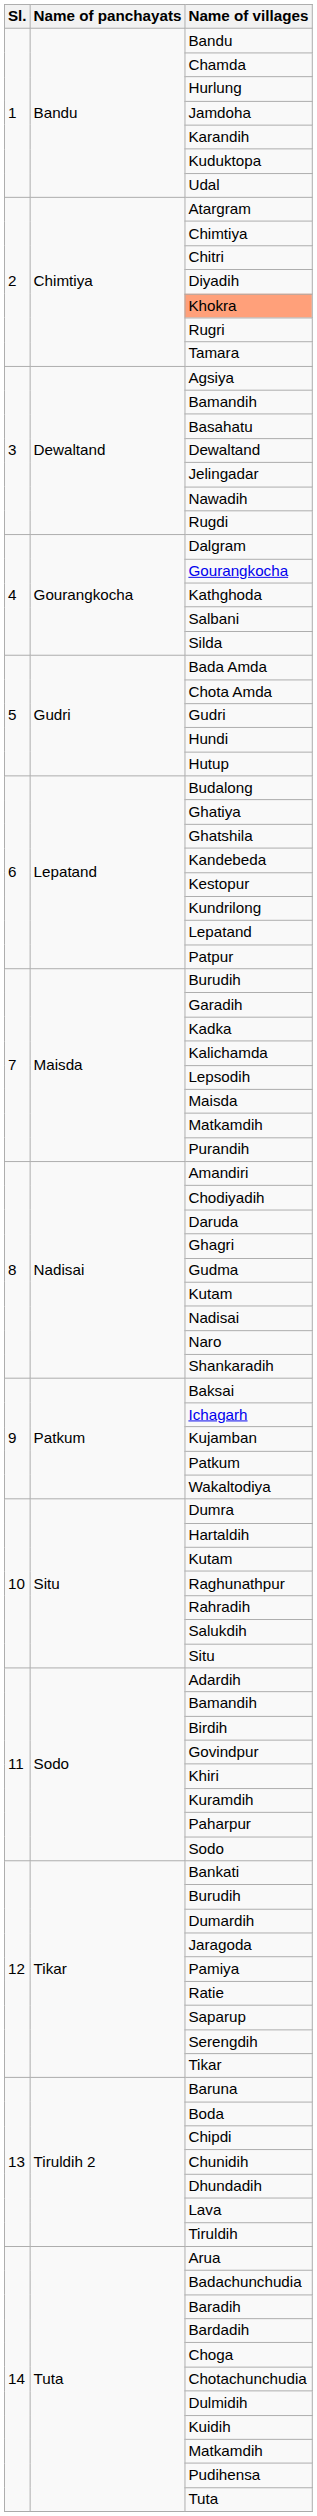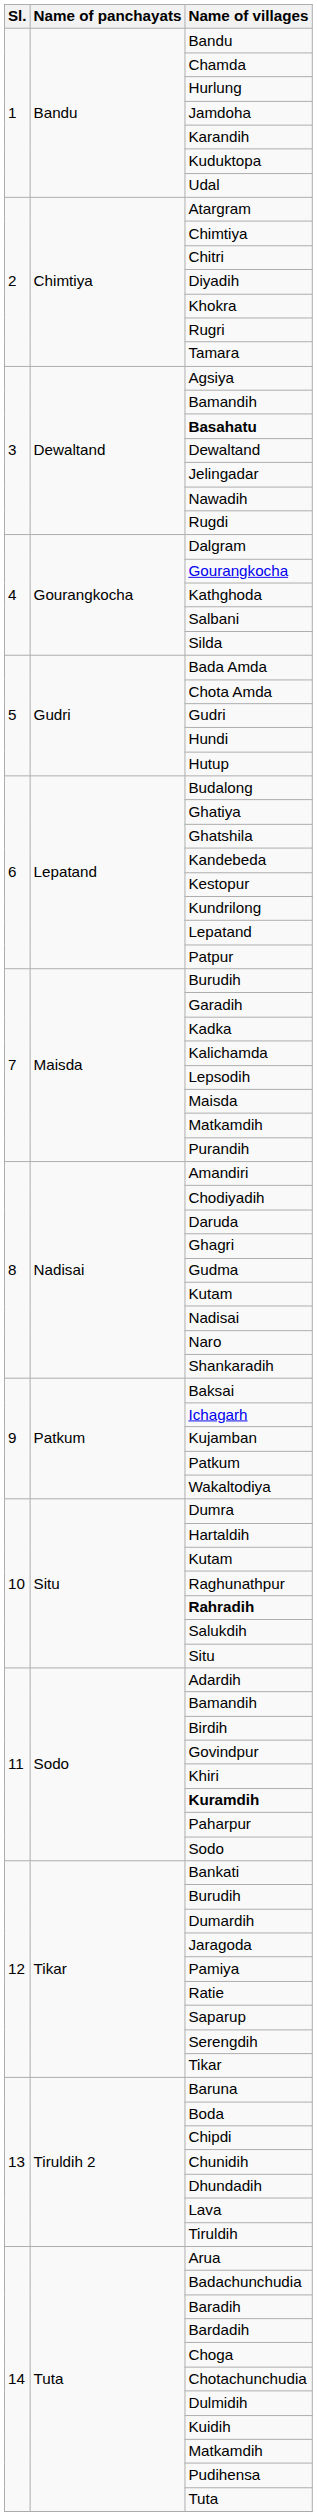 <table class="wikitable plainrowheaders sortable">
 <tr>
 <th scope="col">Sl.</th>
 <th scope="col">Name of panchayats</th>
 <th scope="col">Name of villages</th>
 </tr>
 <tr>
 <td rowspan="7">1</td>
 <td rowspan="7">Bandu</td>
 <td>Bandu</td>
 </tr>
 <tr>
 <td>Chamda</td>
 </tr>
 <tr>
 <td>Hurlung</td>
 </tr>
 <tr>
 <td>Jamdoha</td>
 </tr>
 <tr>
 <td>Karandih</td>
 </tr>
 <tr>
 <td>Kuduktopa</td>
 </tr>
 <tr>
 <td>Udal</td>
 </tr>
 <tr>
 <td rowspan="7">2</td>
 <td rowspan="7">Chimtiya</td>
 <td>Atargram</td>
 </tr>
 <tr>
 <td>Chimtiya</td>
 </tr>
 <tr>
 <td>Chitri</td>
 </tr>
 <tr>
 <td>Diyadih</td>
 </tr>
 <tr>
-<td style="background: lightsalmon;">Khokra</td>
+<td>Khokra</td>
 </tr>
 <tr>
 <td>Rugri</td>
 </tr>
 <tr>
 <td>Tamara</td>
 </tr>
 <tr>
 <td rowspan="7">3</td>
 <td rowspan="7">Dewaltand</td>
 <td>Agsiya</td>
 </tr>
 <tr>
 <td>Bamandih</td>
 </tr>
 <tr>
-<td>Basahatu</td>
+<td><strong>Basahatu</strong></td>
 </tr>
 <tr>
 <td>Dewaltand</td>
 </tr>
 <tr>
 <td>Jelingadar</td>
 </tr>
 <tr>
 <td>Nawadih</td>
 </tr>
 <tr>
 <td>Rugdi</td>
 </tr>
 <tr>
 <td rowspan="5">4</td>
 <td rowspan="5">Gourangkocha</td>
 <td>Dalgram</td>
 </tr>
 <tr>
 <td><a href='#'>Gourangkocha</a></td>
 </tr>
 <tr>
 <td>Kathghoda</td>
 </tr>
 <tr>
 <td>Salbani</td>
 </tr>
 <tr>
 <td>Silda</td>
 </tr>
 <tr>
 <td rowspan="5">5</td>
 <td rowspan="5">Gudri</td>
 <td>Bada Amda</td>
 </tr>
 <tr>
 <td>Chota Amda</td>
 </tr>
 <tr>
 <td>Gudri</td>
 </tr>
 <tr>
 <td>Hundi</td>
 </tr>
 <tr>
 <td>Hutup</td>
 </tr>
 <tr>
 <td rowspan="8">6</td>
 <td rowspan="8">Lepatand</td>
 <td>Budalong</td>
 </tr>
 <tr>
 <td>Ghatiya</td>
 </tr>
 <tr>
 <td>Ghatshila</td>
 </tr>
 <tr>
 <td>Kandebeda</td>
 </tr>
 <tr>
 <td>Kestopur</td>
 </tr>
 <tr>
 <td>Kundrilong</td>
 </tr>
 <tr>
 <td>Lepatand</td>
 </tr>
 <tr>
 <td>Patpur</td>
 </tr>
 <tr>
 <td rowspan="8">7</td>
 <td rowspan="8">Maisda</td>
 <td>Burudih</td>
 </tr>
 <tr>
 <td>Garadih</td>
 </tr>
 <tr>
 <td>Kadka</td>
 </tr>
 <tr>
 <td>Kalichamda</td>
 </tr>
 <tr>
 <td>Lepsodih</td>
 </tr>
 <tr>
 <td>Maisda</td>
 </tr>
 <tr>
 <td>Matkamdih</td>
 </tr>
 <tr>
 <td>Purandih</td>
 </tr>
 <tr>
 <td rowspan="9">8</td>
 <td rowspan="9">Nadisai</td>
 <td>Amandiri</td>
 </tr>
 <tr>
 <td>Chodiyadih</td>
 </tr>
 <tr>
 <td>Daruda</td>
 </tr>
 <tr>
 <td>Ghagri</td>
 </tr>
 <tr>
 <td>Gudma</td>
 </tr>
 <tr>
 <td>Kutam</td>
 </tr>
 <tr>
 <td>Nadisai</td>
 </tr>
 <tr>
 <td>Naro</td>
 </tr>
 <tr>
 <td>Shankaradih</td>
 </tr>
 <tr>
 <td rowspan="5">9</td>
 <td rowspan="5">Patkum</td>
 <td>Baksai</td>
 </tr>
 <tr>
 <td><a href='#'>Ichagarh</a></td>
 </tr>
 <tr>
 <td>Kujamban</td>
 </tr>
 <tr>
 <td>Patkum</td>
 </tr>
 <tr>
 <td>Wakaltodiya</td>
 </tr>
 <tr>
 <td rowspan="7">10</td>
 <td rowspan="7">Situ</td>
 <td>Dumra</td>
 </tr>
 <tr>
 <td>Hartaldih</td>
 </tr>
 <tr>
 <td>Kutam</td>
 </tr>
 <tr>
 <td>Raghunathpur</td>
 </tr>
 <tr>
-<td>Rahradih</td>
+<td><strong>Rahradih</strong></td>
 </tr>
 <tr>
 <td>Salukdih</td>
 </tr>
 <tr>
 <td>Situ</td>
 </tr>
 <tr>
 <td rowspan="8">11</td>
 <td rowspan="8">Sodo</td>
 <td>Adardih</td>
 </tr>
 <tr>
 <td>Bamandih</td>
 </tr>
 <tr>
 <td>Birdih</td>
 </tr>
 <tr>
 <td>Govindpur</td>
 </tr>
 <tr>
 <td>Khiri</td>
 </tr>
 <tr>
-<td>Kuramdih</td>
+<td><strong>Kuramdih</strong></td>
 </tr>
 <tr>
 <td>Paharpur</td>
 </tr>
 <tr>
 <td>Sodo</td>
 </tr>
 <tr>
 <td rowspan="9">12</td>
 <td rowspan="9">Tikar</td>
 <td>Bankati</td>
 </tr>
 <tr>
 <td>Burudih</td>
 </tr>
 <tr>
 <td>Dumardih</td>
 </tr>
 <tr>
 <td>Jaragoda</td>
 </tr>
 <tr>
 <td>Pamiya</td>
 </tr>
 <tr>
 <td>Ratie</td>
 </tr>
 <tr>
 <td>Saparup</td>
 </tr>
 <tr>
 <td>Serengdih</td>
 </tr>
 <tr>
 <td>Tikar</td>
 </tr>
 <tr>
 <td rowspan="7">13</td>
 <td rowspan="7">Tiruldih 2</td>
 <td>Baruna</td>
 </tr>
 <tr>
 <td>Boda</td>
 </tr>
 <tr>
 <td>Chipdi</td>
 </tr>
 <tr>
 <td>Chunidih</td>
 </tr>
 <tr>
 <td>Dhundadih</td>
 </tr>
 <tr>
 <td>Lava</td>
 </tr>
 <tr>
 <td>Tiruldih</td>
 </tr>
 <tr>
 <td rowspan="11">14</td>
 <td rowspan="11">Tuta</td>
 <td>Arua</td>
 </tr>
 <tr>
 <td>Badachunchudia</td>
 </tr>
 <tr>
 <td>Baradih</td>
 </tr>
 <tr>
 <td>Bardadih</td>
 </tr>
 <tr>
 <td>Choga</td>
 </tr>
 <tr>
 <td>Chotachunchudia</td>
 </tr>
 <tr>
 <td>Dulmidih</td>
 </tr>
 <tr>
 <td>Kuidih</td>
 </tr>
 <tr>
 <td>Matkamdih</td>
 </tr>
 <tr>
 <td>Pudihensa</td>
 </tr>
 <tr>
 <td>Tuta</td>
 </tr>
 <tr>
 </tr>
 </table>
